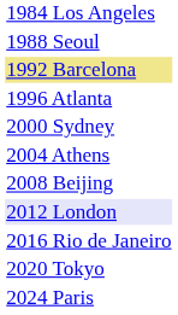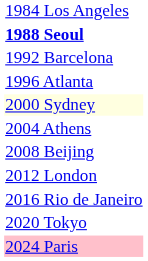 <table>
 <tr>
 <td><a href='#'>1984 Los Angeles</a><br></td>
 <td></td>
 <td></td>
 <td></td>
 </tr>
 <tr>
-<td><a href='#'>1988 Seoul</a><br></td>
+<td><strong><a href='#'>1988 Seoul</a><br></strong></td>
 <td></td>
 <td></td>
 <td></td>
 </tr>
 <tr>
-<td style="background: khaki;"><a href='#'>1992 Barcelona</a><br></td>
+<td><a href='#'>1992 Barcelona</a><br></td>
 <td></td>
 <td></td>
 <td></td>
 </tr>
 <tr>
 <td><a href='#'>1996 Atlanta</a><br></td>
 <td></td>
 <td></td>
 <td></td>
 </tr>
 <tr>
-<td><a href='#'>2000 Sydney</a><br></td>
+<td style="background: lightyellow;"><a href='#'>2000 Sydney</a><br></td>
 <td></td>
 <td></td>
 <td></td>
 </tr>
 <tr>
 <td><a href='#'>2004 Athens</a><br></td>
 <td></td>
 <td></td>
 <td></td>
 </tr>
 <tr>
 <td><a href='#'>2008 Beijing</a><br></td>
 <td></td>
 <td></td>
 <td></td>
 </tr>
 <tr>
-<td style="background: lavender;"><a href='#'>2012 London</a><br></td>
+<td><a href='#'>2012 London</a><br></td>
 <td></td>
 <td></td>
 <td></td>
 </tr>
 <tr>
 <td><a href='#'>2016 Rio de Janeiro</a><br></td>
 <td></td>
 <td></td>
 <td></td>
 </tr>
 <tr>
 <td><a href='#'>2020 Tokyo</a><br></td>
 <td></td>
 <td></td>
 <td></td>
 </tr>
 <tr>
-<td><a href='#'>2024 Paris</a> <br></td>
+<td style="background: pink;"><a href='#'>2024 Paris</a> <br></td>
 <td></td>
 <td></td>
 <td></td>
 </tr>
 <tr>
 </tr>
 </table>
